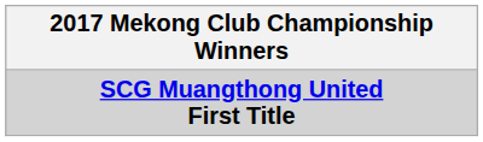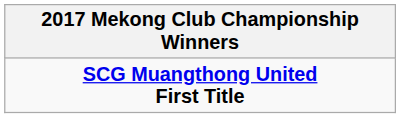 <table class="wikitable" style="text-align: center; margin: 0 auto; width: 20%">
 <tr>
 <th>2017 Mekong Club Championship<br>Winners</th>
 </tr>
 <tr>
-<td align="center" style="background: lightgrey;"><strong><a href='#'>SCG Muangthong United</a></strong><br><strong>First Title</strong></td>
+<td align="center"><strong><a href='#'>SCG Muangthong United</a></strong><br><strong>First Title</strong></td>
 </tr>
 </table>
